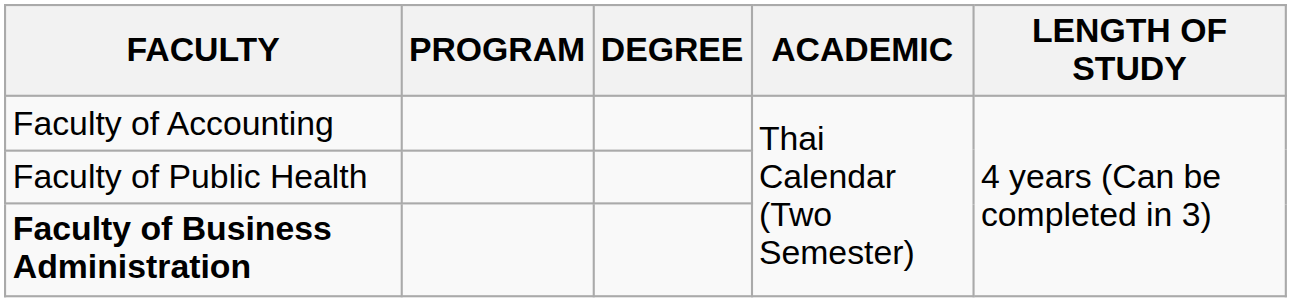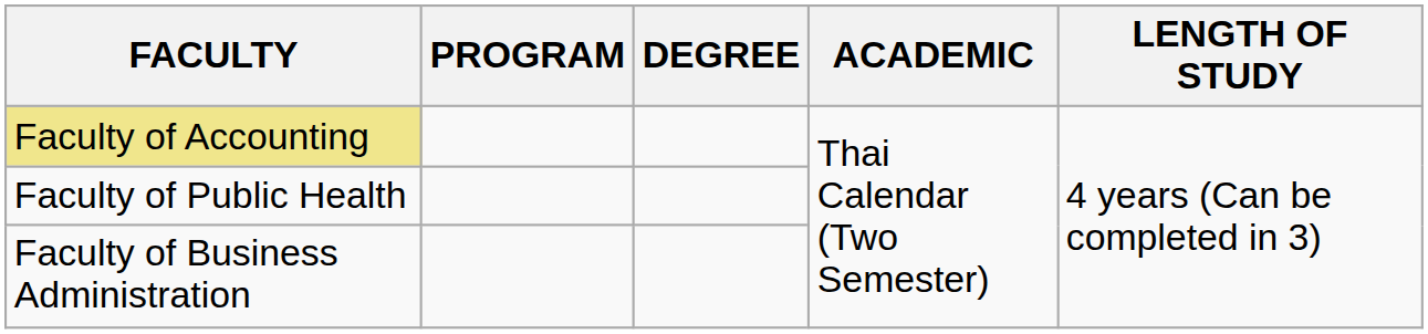 <table class="wikitable sortable">
 <tr>
 <th><strong>FACULTY</strong></th>
 <th><strong>PROGRAM</strong></th>
 <th><strong>DEGREE</strong></th>
 <th><strong>ACADEMIC</strong></th>
 <th><strong>LENGTH OF STUDY</strong></th>
 </tr>
 <tr>
-<td>Faculty of Accounting</td>
+<td style="background: khaki;">Faculty of Accounting</td>
 <td></td>
 <td></td>
 <td rowspan="3">Thai Calendar<br>(Two Semester)</td>
 <td rowspan="3">4 years (Can be completed in 3)</td>
 </tr>
 <tr>
 <td>Faculty of Public Health</td>
 <td></td>
 <td></td>
 </tr>
 <tr>
-<td><strong>Faculty of Business Administration</strong></td>
+<td>Faculty of Business Administration</td>
 <td></td>
 <td></td>
 </tr>
 </table>
